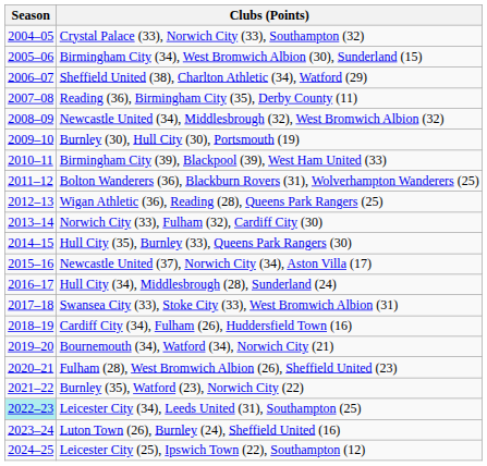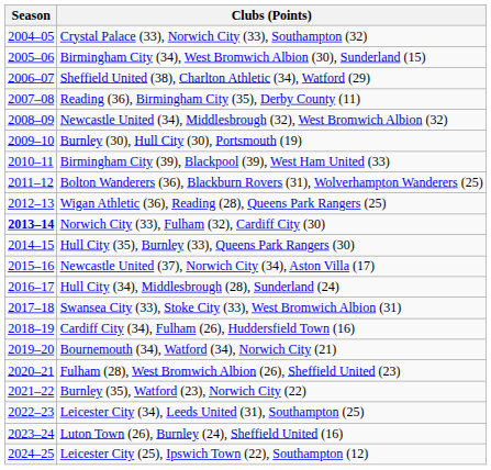 <table class="wikitable" style="text-align:left;">
 <tr>
 <th>Season</th>
 <th>Clubs (Points)</th>
 </tr>
 <tr>
 <td><a href='#'>2004–05</a></td>
 <td><a href='#'>Crystal Palace</a> (33), <a href='#'>Norwich City</a> (33), <a href='#'>Southampton</a> (32)</td>
 </tr>
 <tr>
 <td><a href='#'>2005–06</a></td>
 <td><a href='#'>Birmingham City</a> (34), <a href='#'>West Bromwich Albion</a> (30), <a href='#'>Sunderland</a> (15)</td>
 </tr>
 <tr>
 <td><a href='#'>2006–07</a></td>
 <td><a href='#'>Sheffield United</a> (38), <a href='#'>Charlton Athletic</a> (34), <a href='#'>Watford</a> (29)</td>
 </tr>
 <tr>
 <td><a href='#'>2007–08</a></td>
 <td><a href='#'>Reading</a> (36), <a href='#'>Birmingham City</a> (35), <a href='#'>Derby County</a> (11)</td>
 </tr>
 <tr>
 <td><a href='#'>2008–09</a></td>
 <td><a href='#'>Newcastle United</a> (34), <a href='#'>Middlesbrough</a> (32), <a href='#'>West Bromwich Albion</a> (32)</td>
 </tr>
 <tr>
 <td><a href='#'>2009–10</a></td>
 <td><a href='#'>Burnley</a> (30), <a href='#'>Hull City</a> (30), <a href='#'>Portsmouth</a> (19)</td>
 </tr>
 <tr>
 <td><a href='#'>2010–11</a></td>
 <td><a href='#'>Birmingham City</a> (39), <a href='#'>Blackpool</a> (39), <a href='#'>West Ham United</a> (33)</td>
 </tr>
 <tr>
 <td><a href='#'>2011–12</a></td>
 <td><a href='#'>Bolton Wanderers</a> (36), <a href='#'>Blackburn Rovers</a> (31), <a href='#'>Wolverhampton Wanderers</a> (25)</td>
 </tr>
 <tr>
 <td><a href='#'>2012–13</a></td>
 <td><a href='#'>Wigan Athletic</a> (36), <a href='#'>Reading</a> (28), <a href='#'>Queens Park Rangers</a> (25)</td>
 </tr>
 <tr>
-<td><a href='#'>2013–14</a></td>
+<td><strong><a href='#'>2013–14</a></strong></td>
 <td><a href='#'>Norwich City</a> (33), <a href='#'>Fulham</a> (32), <a href='#'>Cardiff City</a> (30)</td>
 </tr>
 <tr>
 <td><a href='#'>2014–15</a></td>
 <td><a href='#'>Hull City</a> (35), <a href='#'>Burnley</a> (33), <a href='#'>Queens Park Rangers</a> (30)</td>
 </tr>
 <tr>
 <td><a href='#'>2015–16</a></td>
 <td><a href='#'>Newcastle United</a> (37), <a href='#'>Norwich City</a> (34), <a href='#'>Aston Villa</a> (17)</td>
 </tr>
 <tr>
 <td><a href='#'>2016–17</a></td>
 <td><a href='#'>Hull City</a> (34), <a href='#'>Middlesbrough</a> (28), <a href='#'>Sunderland</a> (24)</td>
 </tr>
 <tr>
 <td><a href='#'>2017–18</a></td>
 <td><a href='#'>Swansea City</a> (33), <a href='#'>Stoke City</a> (33), <a href='#'>West Bromwich Albion</a> (31)</td>
 </tr>
 <tr>
 <td><a href='#'>2018–19</a></td>
 <td><a href='#'>Cardiff City</a> (34), <a href='#'>Fulham</a> (26), <a href='#'>Huddersfield Town</a> (16)</td>
 </tr>
 <tr>
 <td><a href='#'>2019–20</a></td>
 <td><a href='#'>Bournemouth</a> (34), <a href='#'>Watford</a> (34), <a href='#'>Norwich City</a> (21)</td>
 </tr>
 <tr>
 <td><a href='#'>2020–21</a></td>
 <td><a href='#'>Fulham</a> (28), <a href='#'>West Bromwich Albion</a> (26), <a href='#'>Sheffield United</a> (23)</td>
 </tr>
 <tr>
 <td><a href='#'>2021–22</a></td>
 <td><a href='#'>Burnley</a> (35), <a href='#'>Watford</a> (23), <a href='#'>Norwich City</a> (22)</td>
 </tr>
 <tr>
-<td style="background: paleturquoise;"><a href='#'>2022–23</a></td>
+<td><a href='#'>2022–23</a></td>
 <td><a href='#'>Leicester City</a> (34), <a href='#'>Leeds United</a> (31), <a href='#'>Southampton</a> (25)</td>
 </tr>
 <tr>
 <td><a href='#'>2023–24</a></td>
 <td><a href='#'>Luton Town</a> (26), <a href='#'>Burnley</a> (24), <a href='#'>Sheffield United</a> (16)</td>
 </tr>
 <tr>
 <td><a href='#'>2024–25</a></td>
 <td><a href='#'>Leicester City</a> (25),  <a href='#'>Ipswich Town</a> (22), <a href='#'>Southampton</a> (12)</td>
 </tr>
 </table>
